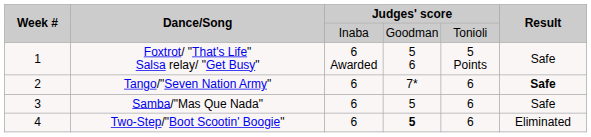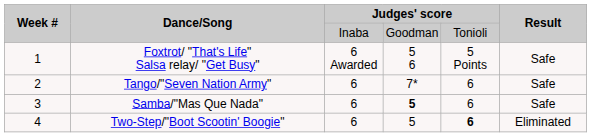 <table class="wikitable" style="float:left;">
 <tr style="text-align:center; background:#ccc;">
 <td rowspan="2"><strong>Week #</strong></td>
 <td rowspan="2"><strong>Dance/Song</strong></td>
 <td colspan="3"><strong>Judges' score</strong></td>
 <td rowspan="2"><strong>Result</strong></td>
 </tr>
 <tr style="text-align:center; background:#ccc;">
 <td style="width:10%; ">Inaba</td>
 <td style="width:10%; ">Goodman</td>
 <td style="width:10%; ">Tonioli</td>
 </tr>
 <tr>
 <td style="text-align:center; background:#faf6f6;">1</td>
 <td style="text-align:center; background:#faf6f6;"><a href='#'>Foxtrot</a>/ "<a href='#'>That's Life</a>" <br> <a href='#'>Salsa</a> relay/ "<a href='#'>Get Busy</a>"</td>
 <td style="text-align:center; background:#faf6f6;">6 <br> Awarded</td>
 <td style="text-align:center; background:#faf6f6;">5 <br> 6</td>
 <td style="text-align:center; background:#faf6f6;">5 <br> Points</td>
 <td style="text-align:center; background:#faf6f6;">Safe</td>
 </tr>
 <tr style="text-align:center; background:#faf6f6;">
 <td>2</td>
 <td><a href='#'>Tango</a>/"<a href='#'>Seven Nation Army</a>"</td>
 <td>6</td>
 <td>7*</td>
 <td>6</td>
-<td><strong>Safe</strong></td>
+<td>Safe</td>
 </tr>
 <tr style="text-align:center; background:#faf6f6;">
 <td>3</td>
 <td><a href='#'>Samba</a>/"Mas Que Nada"</td>
 <td>6</td>
-<td>5</td>
+<td><strong>5</strong></td>
 <td>6</td>
 <td>Safe</td>
 </tr>
 <tr style="text-align:center; background:#faf6f6;">
 <td>4</td>
 <td><a href='#'>Two-Step</a>/"<a href='#'>Boot Scootin' Boogie</a>"</td>
 <td>6</td>
-<td><strong>5</strong></td>
-<td>6</td>
+<td>5</td>
+<td><strong>6</strong></td>
 <td>Eliminated</td>
 </tr>
 </table>
